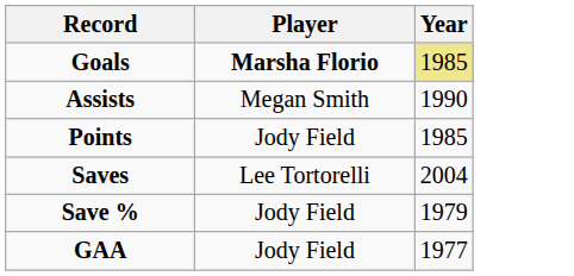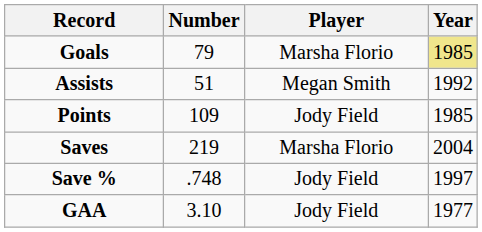 <table class="wikitable">
 <tr>
 <th style="width:120px; ">Record</th>
+<th style="width:35px; ">Number</th>
 <th style="width:140px; ">Player</th>
 <th style="width:30px; ">Year</th>
 </tr>
 <tr style="text-align:center;">
 <td><strong>Goals</strong></td>
-<td><strong>Marsha Florio</strong></td>
+<td>79</td>
+<td>Marsha Florio</td>
 <td style="background: khaki;">1985</td>
 </tr>
 <tr style="text-align:center;">
 <td><strong>Assists</strong></td>
+<td>51</td>
 <td>Megan Smith</td>
-<td>1990</td>
+<td>1992</td>
 </tr>
 <tr style="text-align:center;">
 <td><strong>Points</strong></td>
+<td>109</td>
 <td>Jody Field</td>
 <td>1985</td>
 </tr>
 <tr style="text-align:center;">
 <td><strong>Saves</strong></td>
-<td>Lee Tortorelli</td>
+<td>219</td>
+<td>Marsha Florio</td>
 <td>2004</td>
 </tr>
 <tr style="text-align:center;">
 <td><strong>Save %</strong></td>
+<td>.748</td>
 <td>Jody Field</td>
-<td>1979</td>
+<td>1997</td>
 </tr>
 <tr style="text-align:center;">
 <td><strong>GAA</strong></td>
+<td>3.10</td>
 <td>Jody Field</td>
 <td>1977</td>
 </tr>
 </table>
